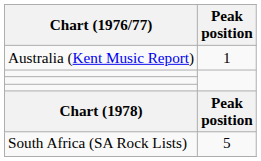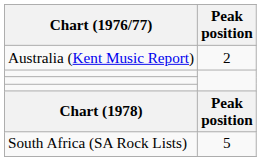 <table class="wikitable sortable">
 <tr>
 <th>Chart (1976/77)</th>
 <th>Peak<br>position</th>
 </tr>
 <tr>
 <td>Australia (<a href='#'>Kent Music Report</a>)</td>
-<td style="text-align:center;">1</td>
+<td style="text-align:center;">2</td>
 </tr>
 <tr>
 <td></td>
 </tr>
 <tr>
 <td></td>
 </tr>
 <tr>
 <td></td>
 </tr>
 <tr>
 <th>Chart (1978)</th>
 <th>Peak<br>position</th>
 </tr>
 <tr>
 <td>South Africa (SA Rock Lists)</td>
 <td style="text-align:center;">5</td>
 </tr>
 </table>
